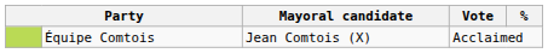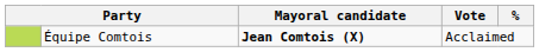 <table class="wikitable">
 <tr>
 <th bgcolor="#DDDDFF" width="230px" colspan="2">Party</th>
 <th bgcolor="#DDDDFF" width="200px">Mayoral candidate</th>
 <th bgcolor="#DDDDFF" width="50px">Vote</th>
 <th bgcolor="#DDDDFF" width="30px">%</th>
 </tr>
 <tr>
 <td bgcolor=#BADA55 width="30px"> </td>
 <td>Équipe Comtois</td>
-<td>Jean Comtois (X)</td>
+<td><strong>Jean Comtois (X)</strong></td>
 <td colspan="2">Acclaimed</td>
 </tr>
 </table>
